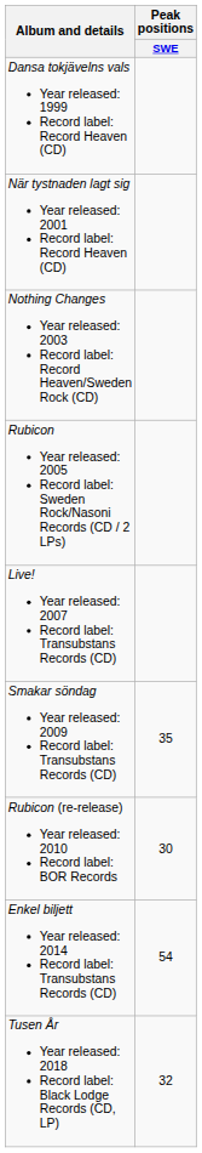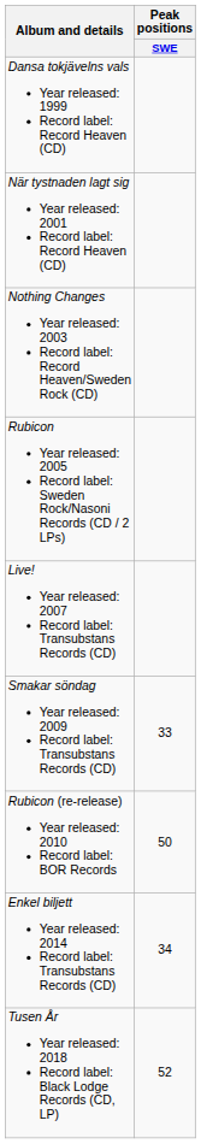 <table class="wikitable">
 <tr>
 <th align="center" rowspan="2" width="120">Album and details</th>
 <th align="center" colspan="1" width="20">Peak positions</th>
 </tr>
 <tr>
 <th scope="col" style="width:3em;font-size:90%;"><a href='#'>SWE</a><br></th>
 </tr>
 <tr>
 <td><em>Dansa tokjävelns vals</em><br><ul><li>Year released: 1999</li><li>Record label: Record Heaven (CD)</li></ul></td>
 <td style="text-align:center;"></td>
 </tr>
 <tr>
 <td><em>När tystnaden lagt sig</em><br><ul><li>Year released: 2001</li><li>Record label: Record Heaven (CD)</li></ul></td>
 <td style="text-align:center;"></td>
 </tr>
 <tr>
 <td><em>Nothing Changes</em><br><ul><li>Year released: 2003</li><li>Record label: Record Heaven/Sweden Rock (CD)</li></ul></td>
 <td style="text-align:center;"></td>
 </tr>
 <tr>
 <td><em>Rubicon</em><br><ul><li>Year released: 2005</li><li>Record label: Sweden Rock/Nasoni Records (CD / 2 LPs)</li></ul></td>
 <td style="text-align:center;"></td>
 </tr>
 <tr>
 <td><em>Live!</em><br><ul><li>Year released: 2007</li><li>Record label: Transubstans Records (CD)</li></ul></td>
 <td style="text-align:center;"></td>
 </tr>
 <tr>
 <td><em>Smakar söndag</em><br><ul><li>Year released: 2009</li><li>Record label: Transubstans Records (CD)</li></ul></td>
-<td style="text-align:center;">35</td>
+<td style="text-align:center;">33</td>
 </tr>
 <tr>
 <td><em>Rubicon</em> (re-release)<br><ul><li>Year released: 2010</li><li>Record label: BOR Records</li></ul></td>
-<td style="text-align:center;">30</td>
+<td style="text-align:center;">50</td>
 </tr>
 <tr>
 <td><em>Enkel biljett</em><br><ul><li>Year released: 2014</li><li>Record label: Transubstans Records (CD)</li></ul></td>
-<td style="text-align:center;">54</td>
+<td style="text-align:center;">34</td>
 </tr>
 <tr>
 <td><em>Tusen År</em><br><ul><li>Year released: 2018</li><li>Record label: Black Lodge Records (CD, LP)</li></ul></td>
-<td style="text-align:center;">32<br></td>
+<td style="text-align:center;">52<br></td>
 </tr>
 </table>
